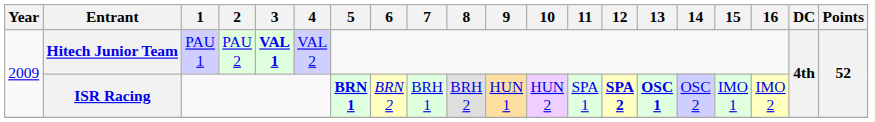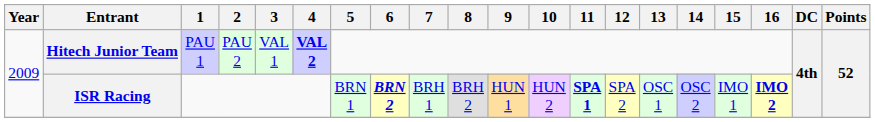 <table class="wikitable" style="text-align:center; font-size:85%">
 <tr>
 <th>Year</th>
 <th>Entrant</th>
 <th>1</th>
 <th>2</th>
 <th>3</th>
 <th>4</th>
 <th>5</th>
 <th>6</th>
 <th>7</th>
 <th>8</th>
 <th>9</th>
 <th>10</th>
 <th>11</th>
 <th>12</th>
 <th>13</th>
 <th>14</th>
 <th>15</th>
 <th>16</th>
 <th>DC</th>
 <th>Points</th>
 </tr>
 <tr>
 <td rowspan=2><a href='#'>2009</a></td>
 <th nowrap><a href='#'>Hitech Junior Team</a></th>
 <td style="background:#cfcfff;"><a href='#'>PAU<br>1</a><br></td>
 <td style="background:#dfffdf;"><a href='#'>PAU<br>2</a><br></td>
-<td style="background:#dfffdf;"><strong><a href='#'>VAL<br>1</a><br></strong></td>
-<td style="background:#cfcfff;"><a href='#'>VAL<br>2</a><br></td>
+<td style="background:#dfffdf;"><a href='#'>VAL<br>1</a><br></td>
+<td style="background:#cfcfff;"><strong><a href='#'>VAL<br>2</a><br></strong></td>
 <td colspan=12></td>
 <th rowspan=2>4th</th>
 <th rowspan=2>52</th>
 </tr>
 <tr>
 <th nowrap><a href='#'>ISR Racing</a></th>
 <td colspan=4></td>
-<td style="background:#dfffdf;"><strong><a href='#'>BRN<br>1</a><br></strong></td>
-<td style="background:#ffffbf;"><em><a href='#'>BRN<br>2</a></em><br></td>
+<td style="background:#dfffdf;"><a href='#'>BRN<br>1</a><br></td>
+<td style="background:#ffffbf;"><strong><em><a href='#'>BRN<br>2</a></em><br></strong></td>
 <td style="background:#dfffdf;"><a href='#'>BRH<br>1</a><br></td>
 <td style="background:#dfdfdf;"><a href='#'>BRH<br>2</a><br></td>
 <td style="background:#ffdf9f;"><a href='#'>HUN<br>1</a><br></td>
 <td style="background:#efcfff;"><a href='#'>HUN<br>2</a><br></td>
-<td style="background:#dfffdf;"><a href='#'>SPA<br>1</a><br></td>
-<td style="background:#ffffbf;"><strong><a href='#'>SPA<br>2</a><br></strong></td>
-<td style="background:#dfffdf;"><strong><a href='#'>OSC<br>1</a><br></strong></td>
+<td style="background:#dfffdf;"><strong><a href='#'>SPA<br>1</a><br></strong></td>
+<td style="background:#ffffbf;"><a href='#'>SPA<br>2</a><br></td>
+<td style="background:#dfffdf;"><a href='#'>OSC<br>1</a><br></td>
 <td style="background:#cfcfff;"><a href='#'>OSC<br>2</a><br></td>
 <td style="background:#dfffdf;"><a href='#'>IMO<br>1</a><br></td>
-<td style="background:#ffffbf;"><a href='#'>IMO<br>2</a><br></td>
+<td style="background:#ffffbf;"><strong><a href='#'>IMO<br>2</a><br></strong></td>
 </tr>
 <tr>
 </tr>
 </table>
